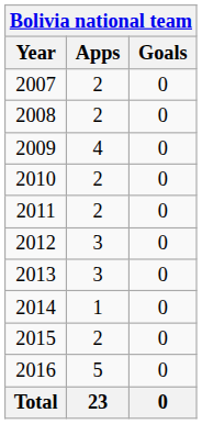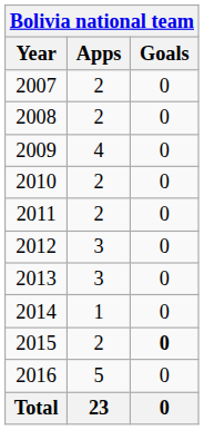 <table class="wikitable" style="text-align:center">
 <tr>
 <th colspan=3><a href='#'>Bolivia national team</a></th>
 </tr>
 <tr>
 <th>Year</th>
 <th>Apps</th>
 <th>Goals</th>
 </tr>
 <tr>
 <td>2007</td>
 <td>2</td>
 <td>0</td>
 </tr>
 <tr>
 <td>2008</td>
 <td>2</td>
 <td>0</td>
 </tr>
 <tr>
 <td>2009</td>
 <td>4</td>
 <td>0</td>
 </tr>
 <tr>
 <td>2010</td>
 <td>2</td>
 <td>0</td>
 </tr>
 <tr>
 <td>2011</td>
 <td>2</td>
 <td>0</td>
 </tr>
 <tr>
 <td>2012</td>
 <td>3</td>
 <td>0</td>
 </tr>
 <tr>
 <td>2013</td>
 <td>3</td>
 <td>0</td>
 </tr>
 <tr>
 <td>2014</td>
 <td>1</td>
 <td>0</td>
 </tr>
 <tr>
 <td>2015</td>
 <td>2</td>
-<td>0</td>
+<td><strong>0</strong></td>
 </tr>
 <tr>
 <td>2016</td>
 <td>5</td>
 <td>0</td>
 </tr>
 <tr>
 <th>Total</th>
 <th>23</th>
 <th>0</th>
 </tr>
 </table>
